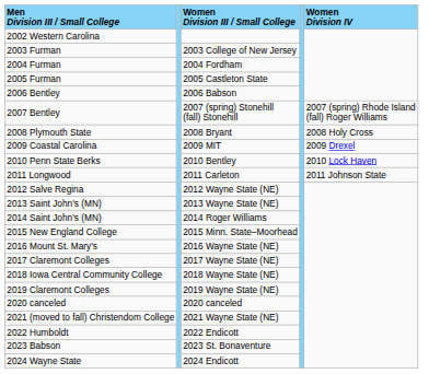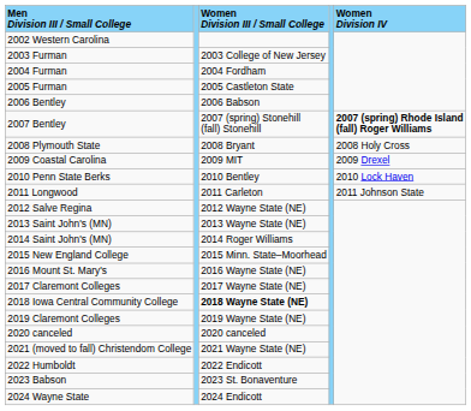 <table class="wikitable" style="font-size:85%;">
 <tr ! style="background-color: #87D3F8;">
 <td><strong>Men</strong><br><strong><em>Division III / Small College</em></strong></td>
 <td rowspan=24></td>
 <td><strong>Women</strong><br><strong><em>Division III / Small College</em></strong></td>
 <td rowspan=24></td>
 <td><strong>Women</strong><br><strong><em>Division IV</em></strong></td>
 </tr>
 <tr --->
 <td>2002 Western Carolina</td>
 <td></td>
 <td rowspan=5></td>
 </tr>
 <tr --->
 <td>2003 Furman</td>
 <td>2003 College of New Jersey</td>
 </tr>
 <tr --->
 <td>2004 Furman</td>
 <td>2004 Fordham</td>
 </tr>
 <tr --->
 <td>2005 Furman</td>
 <td>2005 Castleton State</td>
 </tr>
 <tr --->
 <td>2006 Bentley</td>
 <td>2006 Babson</td>
 </tr>
 <tr --->
 <td>2007 Bentley</td>
 <td>2007 (spring) Stonehill<br>(fall) Stonehill</td>
-<td>2007 (spring) Rhode Island<br>(fall) Roger Williams</td>
+<td><strong>2007 (spring) Rhode Island<br>(fall) Roger Williams</strong></td>
 </tr>
 <tr --->
 <td>2008 Plymouth State</td>
 <td>2008 Bryant</td>
 <td>2008 Holy Cross</td>
 </tr>
 <tr --->
 <td>2009 Coastal Carolina</td>
 <td>2009 MIT</td>
 <td>2009 <a href='#'>Drexel</a></td>
 </tr>
 <tr --->
 <td>2010 Penn State Berks</td>
 <td>2010 Bentley</td>
 <td>2010 <a href='#'>Lock Haven</a></td>
 </tr>
 <tr --->
 <td>2011 Longwood</td>
 <td>2011 Carleton</td>
 <td>2011 Johnson State</td>
 </tr>
 <tr --->
 <td>2012 Salve Regina</td>
 <td>2012 Wayne State (NE)</td>
 <td rowspan=13></td>
 </tr>
 <tr --->
 <td>2013 Saint John's (MN)</td>
 <td>2013 Wayne State (NE)</td>
 </tr>
 <tr --->
 <td>2014 Saint John's (MN)</td>
 <td>2014 Roger Williams</td>
 </tr>
 <tr --->
 <td>2015 New England College</td>
 <td>2015 Minn. State–Moorhead</td>
 </tr>
 <tr --->
 <td>2016 Mount St. Mary's</td>
 <td>2016 Wayne State (NE)</td>
 </tr>
 <tr --->
 <td>2017 Claremont Colleges</td>
 <td>2017 Wayne State (NE)</td>
 </tr>
 <tr --->
 <td>2018 Iowa Central Community College</td>
-<td>2018 Wayne State (NE)</td>
+<td><strong>2018 Wayne State (NE)</strong></td>
 </tr>
 <tr --->
 <td>2019 Claremont Colleges</td>
 <td>2019 Wayne State (NE)</td>
 </tr>
 <tr --->
 <td>2020 canceled</td>
 <td>2020 canceled</td>
 </tr>
 <tr --->
 <td>2021 (moved to fall) Christendom College</td>
 <td>2021 Wayne State (NE)</td>
 </tr>
 <tr --->
 <td>2022 Humboldt</td>
 <td>2022 Endicott</td>
 </tr>
 <tr --->
 <td>2023 Babson</td>
 <td>2023 St. Bonaventure</td>
 </tr>
 <tr --->
 <td>2024 Wayne State</td>
 <td>2024 Endicott</td>
 </tr>
 </table>
